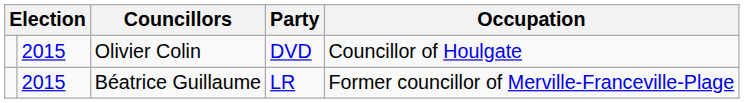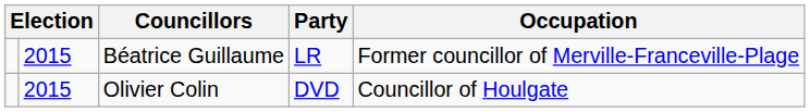 <table class="wikitable">
 <tr>
 <th colspan="2">Election</th>
 <th>Councillors</th>
 <th>Party</th>
 <th>Occupation</th>
 </tr>
 <tr>
 <td style="background-color: "></td>
 <td><a href='#'>2015</a></td>
+<td>Béatrice Guillaume</td>
+<td><a href='#'>LR</a></td>
+<td>Former councillor of <a href='#'>Merville-Franceville-Plage</a></td>
+</tr>
+<tr>
+<td style="background-color: "></td>
+<td><a href='#'>2015</a></td>
 <td>Olivier Colin</td>
 <td><a href='#'>DVD</a></td>
 <td>Councillor of <a href='#'>Houlgate</a></td>
 </tr>
-<tr>
-<td style="background-color: "></td>
-<td><a href='#'>2015</a></td>
-<td>Béatrice Guillaume</td>
-<td><a href='#'>LR</a></td>
-<td>Former councillor of <a href='#'>Merville-Franceville-Plage</a></td>
-</tr>
 </table>
